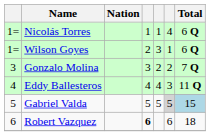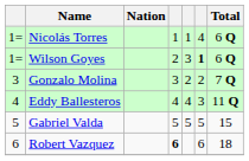 <table class="wikitable" style="text-align:center">
 <tr>
 <th></th>
 <th>Name</th>
 <th>Nation</th>
 <th></th>
 <th></th>
 <th></th>
 <th>Total</th>
 </tr>
 <tr bgcolor=ccffcc>
 <td>1=</td>
 <td align=left><a href='#'>Nicolás Torres</a></td>
 <td align=left></td>
 <td>1</td>
 <td>1</td>
 <td>4</td>
 <td>6 <strong>Q</strong></td>
 </tr>
 <tr bgcolor=ccffcc>
 <td>1=</td>
 <td align=left><a href='#'>Wilson Goyes</a></td>
 <td align=left></td>
 <td>2</td>
 <td>3</td>
-<td>1</td>
+<td><strong>1</strong></td>
 <td>6 <strong>Q</strong></td>
 </tr>
 <tr bgcolor=ccffcc>
 <td>3</td>
 <td align=left><a href='#'>Gonzalo Molina</a></td>
 <td align=left></td>
 <td>3</td>
 <td>2</td>
 <td>2</td>
 <td>7 <strong>Q</strong></td>
 </tr>
 <tr bgcolor=ccffcc>
 <td>4</td>
 <td align=left><a href='#'>Eddy Ballesteros</a></td>
 <td align=left></td>
 <td>4</td>
 <td>4</td>
 <td>3</td>
 <td>11 <strong>Q</strong></td>
 </tr>
 <tr>
 <td>5</td>
 <td align=left><a href='#'>Gabriel Valda</a></td>
 <td align=left></td>
 <td>5</td>
 <td>5</td>
-<td style="background: lightgrey;">5</td>
-<td style="background: lightblue;">15</td>
+<td>5</td>
+<td>15</td>
 </tr>
 <tr>
 <td>6</td>
 <td align=left><a href='#'>Robert Vazquez</a></td>
 <td align=left></td>
 <td><strong>6</strong></td>
 <td></td>
 <td>6</td>
 <td>18</td>
 </tr>
 <tr>
 </tr>
 </table>
